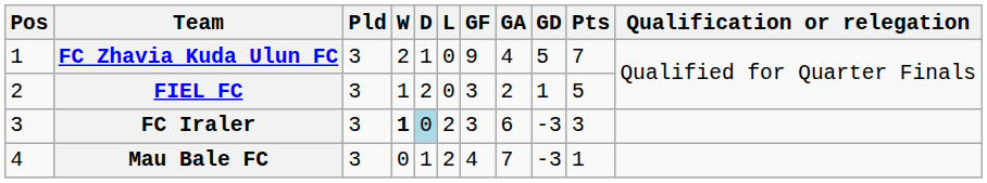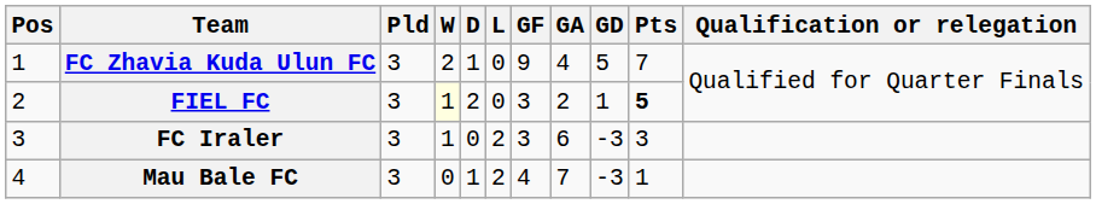 <table class="wikitable">
 <tr>
 <th><abbr>Pos</abbr></th>
 <th>Team</th>
 <th><abbr>Pld</abbr></th>
 <th><abbr>W</abbr></th>
 <th><abbr>D</abbr></th>
 <th><abbr>L</abbr></th>
 <th><abbr>GF</abbr></th>
 <th><abbr>GA</abbr></th>
 <th><abbr>GD</abbr></th>
 <th><abbr>Pts</abbr></th>
 <th>Qualification or relegation</th>
 </tr>
 <tr>
 <td>1</td>
 <th><a href='#'>FC Zhavia Kuda Ulun FC</a></th>
 <td>3</td>
 <td>2</td>
 <td>1</td>
 <td>0</td>
 <td>9</td>
 <td>4</td>
 <td>5</td>
 <td>7</td>
 <td rowspan="2">Qualified for Quarter Finals</td>
 </tr>
 <tr>
 <td>2</td>
 <th><a href='#'>FIEL FC</a></th>
 <td>3</td>
-<td>1</td>
+<td style="background: lightyellow;">1</td>
 <td>2</td>
 <td>0</td>
 <td>3</td>
 <td>2</td>
 <td>1</td>
-<td>5</td>
+<td><strong>5</strong></td>
 </tr>
 <tr>
 <td>3</td>
 <th>FC Iraler</th>
 <td>3</td>
-<td><strong>1</strong></td>
-<td style="background: lightblue;">0</td>
+<td>1</td>
+<td>0</td>
 <td>2</td>
 <td>3</td>
 <td>6</td>
 <td>-3</td>
 <td>3</td>
 <td></td>
 </tr>
 <tr>
 <td>4</td>
 <th>Mau Bale FC</th>
 <td>3</td>
 <td>0</td>
 <td>1</td>
 <td>2</td>
 <td>4</td>
 <td>7</td>
 <td>-3</td>
 <td>1</td>
 <td></td>
 </tr>
 </table>
